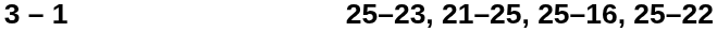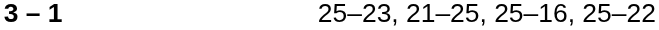 <table width=100% cellspacing=1>
 <tr>
 <th width=20%></th>
 <th width=12%></th>
 <th width=20%></th>
 <th width=33%></th>
 <td></td>
 </tr>
 <tr style=font-size:95%>
 <td align=right><strong></strong></td>
 <td align=center><strong>3 – 1</strong></td>
 <td></td>
-<td><strong>25–23, 21–25, 25–16, 25–22</strong></td>
+<td>25–23, 21–25, 25–16, 25–22</td>
 </tr>
 </table>
